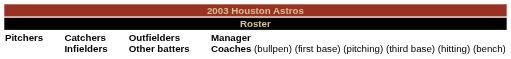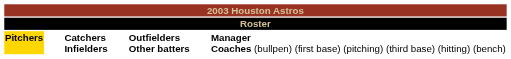 <table class="toccolours" style="font-size: 95%;">
 <tr>
 <th colspan="10" style="background:#983222; color:#d2c295; text-align:center;">2003 Houston Astros</th>
 </tr>
 <tr>
 <td colspan="10" style="background:#000; color:#d2c295; text-align:center;"><strong>Roster</strong></td>
 </tr>
 <tr>
-<td valign="top"><strong>Pitchers</strong><br>                      </td>
+<td valign="top" style="background: gold;"><strong>Pitchers</strong><br>                      </td>
 <td width="25px"></td>
 <td valign="top"><strong>Catchers</strong><br>   <strong>Infielders</strong>         </td>
 <td width="25px"></td>
 <td valign="top"><strong>Outfielders</strong><br>       <strong>Other batters</strong>  </td>
 <td width="25px"></td>
 <td valign="top"><strong>Manager</strong><br> <strong>Coaches</strong> (bullpen)  (first base)  (pitching)  (third base)  (hitting)  (bench)</td>
 </tr>
 </table>
